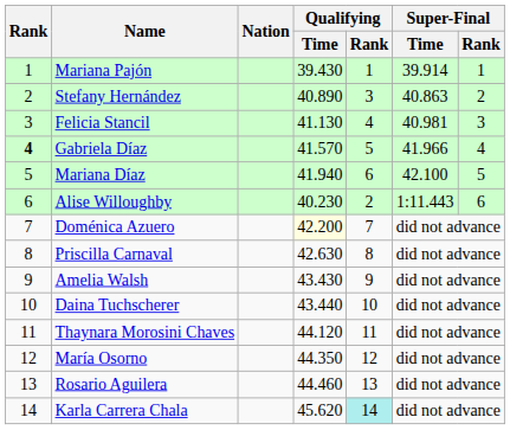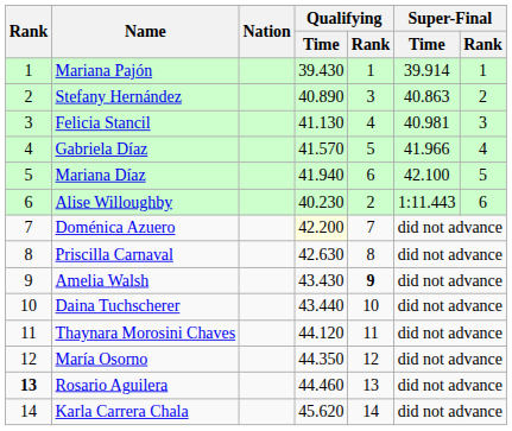 <table class="wikitable sortable" style="text-align:center">
 <tr>
 <th rowspan="2">Rank</th>
 <th rowspan="2">Name</th>
 <th rowspan="2">Nation</th>
 <th colspan="2">Qualifying</th>
 <th colspan="2">Super-Final</th>
 </tr>
 <tr>
 <th>Time</th>
 <th>Rank</th>
 <th>Time</th>
 <th>Rank</th>
 </tr>
 <tr bgcolor=ccffcc>
 <td>1</td>
 <td align=left><a href='#'>Mariana Pajón</a></td>
 <td align=left></td>
 <td>39.430</td>
 <td>1</td>
 <td>39.914</td>
 <td>1</td>
 </tr>
 <tr bgcolor=ccffcc>
 <td>2</td>
 <td align=left><a href='#'>Stefany Hernández</a></td>
 <td align=left></td>
 <td>40.890</td>
 <td>3</td>
 <td>40.863</td>
 <td>2</td>
 </tr>
 <tr bgcolor=ccffcc>
 <td>3</td>
 <td align=left><a href='#'>Felicia Stancil</a></td>
 <td align=left></td>
 <td>41.130</td>
 <td>4</td>
 <td>40.981</td>
 <td>3</td>
 </tr>
 <tr bgcolor=ccffcc>
-<td><strong>4</strong></td>
+<td>4</td>
 <td align=left><a href='#'>Gabriela Díaz</a></td>
 <td align=left></td>
 <td>41.570</td>
 <td>5</td>
 <td>41.966</td>
 <td>4</td>
 </tr>
 <tr bgcolor=ccffcc>
 <td>5</td>
 <td align=left><a href='#'>Mariana Díaz</a></td>
 <td align=left></td>
 <td>41.940</td>
 <td>6</td>
 <td>42.100</td>
 <td>5</td>
 </tr>
 <tr bgcolor=ccffcc>
 <td>6</td>
 <td align=left><a href='#'>Alise Willoughby</a></td>
 <td align=left></td>
 <td>40.230</td>
 <td>2</td>
 <td>1:11.443</td>
 <td>6</td>
 </tr>
 <tr>
 <td>7</td>
 <td align=left><a href='#'>Doménica Azuero</a></td>
 <td align=left></td>
 <td style="background: lightyellow;">42.200</td>
 <td>7</td>
 <td colspan=2>did not advance</td>
 </tr>
 <tr>
 <td>8</td>
 <td align=left><a href='#'>Priscilla Carnaval</a></td>
 <td align=left></td>
 <td>42.630</td>
 <td>8</td>
 <td colspan=2>did not advance</td>
 </tr>
 <tr>
 <td>9</td>
 <td align=left><a href='#'>Amelia Walsh</a></td>
 <td align=left></td>
 <td>43.430</td>
-<td>9</td>
+<td><strong>9</strong></td>
 <td colspan=2>did not advance</td>
 </tr>
 <tr>
 <td>10</td>
 <td align=left><a href='#'>Daina Tuchscherer</a></td>
 <td align=left></td>
 <td>43.440</td>
 <td>10</td>
 <td colspan=2>did not advance</td>
 </tr>
 <tr>
 <td>11</td>
 <td align=left><a href='#'>Thaynara Morosini Chaves</a></td>
 <td align=left></td>
 <td>44.120</td>
 <td>11</td>
 <td colspan=2>did not advance</td>
 </tr>
 <tr>
 <td>12</td>
 <td align=left><a href='#'>María Osorno</a></td>
 <td align=left></td>
 <td>44.350</td>
 <td>12</td>
 <td colspan=2>did not advance</td>
 </tr>
 <tr>
-<td>13</td>
+<td><strong>13</strong></td>
 <td align=left><a href='#'>Rosario Aguilera</a></td>
 <td align=left></td>
 <td>44.460</td>
 <td>13</td>
 <td colspan=2>did not advance</td>
 </tr>
 <tr>
 <td>14</td>
 <td align=left><a href='#'>Karla Carrera Chala</a></td>
 <td align=left></td>
 <td>45.620</td>
-<td style="background: paleturquoise;">14</td>
+<td>14</td>
 <td colspan=2>did not advance</td>
 </tr>
 </table>
